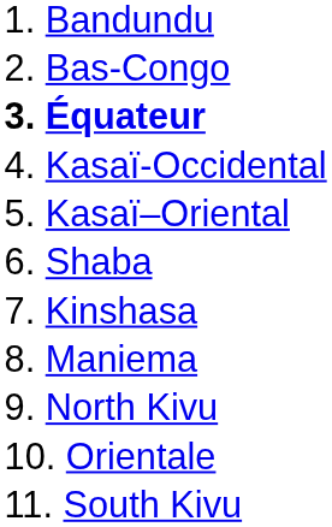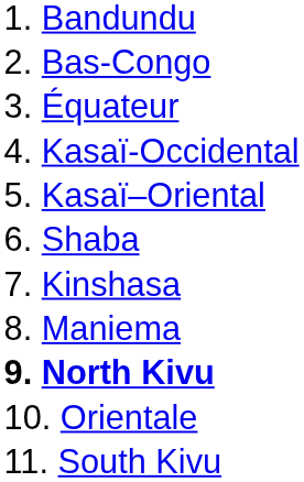 <table style="border-spacing: 20px 1px;">
 <tr>
 <td rowspan="11"></td>
 <td>1. <a href='#'>Bandundu</a></td>
 </tr>
 <tr>
 <td>2. <a href='#'>Bas-Congo</a></td>
 </tr>
 <tr>
-<td><strong>3. <a href='#'>Équateur</a></strong></td>
+<td>3. <a href='#'>Équateur</a></td>
 </tr>
 <tr>
 <td>4. <a href='#'>Kasaï-Occidental</a></td>
 </tr>
 <tr>
 <td>5. <a href='#'>Kasaï–Oriental</a></td>
 </tr>
 <tr>
 <td>6. <a href='#'>Shaba</a></td>
 </tr>
 <tr>
 <td>7. <a href='#'>Kinshasa</a></td>
 </tr>
 <tr>
 <td>8. <a href='#'>Maniema</a></td>
 </tr>
 <tr>
-<td>9. <a href='#'>North Kivu</a></td>
+<td><strong>9. <a href='#'>North Kivu</a></strong></td>
 </tr>
 <tr>
 <td>10. <a href='#'>Orientale</a></td>
 </tr>
 <tr>
 <td>11. <a href='#'>South Kivu</a></td>
 </tr>
 </table>
